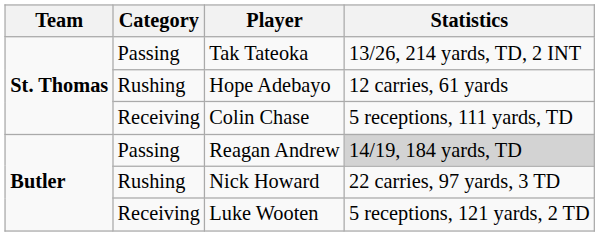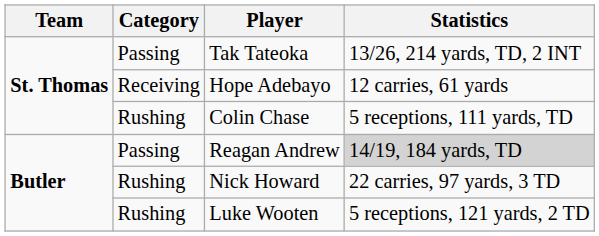 <table class="wikitable" style="float: right;">
 <tr>
 <th>Team</th>
 <th>Category</th>
 <th>Player</th>
 <th>Statistics</th>
 </tr>
 <tr>
 <td rowspan=3><strong>St. Thomas</strong></td>
 <td>Passing</td>
 <td>Tak Tateoka</td>
 <td>13/26, 214 yards, TD, 2 INT</td>
 </tr>
 <tr>
-<td>Rushing</td>
+<td>Receiving</td>
 <td>Hope Adebayo</td>
 <td>12 carries, 61 yards</td>
 </tr>
 <tr>
-<td>Receiving</td>
+<td>Rushing</td>
 <td>Colin Chase</td>
 <td>5 receptions, 111 yards, TD</td>
 </tr>
 <tr>
 <td rowspan=3><strong>Butler</strong></td>
 <td>Passing</td>
 <td>Reagan Andrew</td>
 <td style="background: lightgrey;">14/19, 184 yards, TD</td>
 </tr>
 <tr>
 <td>Rushing</td>
 <td>Nick Howard</td>
 <td>22 carries, 97 yards, 3 TD</td>
 </tr>
 <tr>
-<td>Receiving</td>
+<td>Rushing</td>
 <td>Luke Wooten</td>
 <td>5 receptions, 121 yards, 2 TD</td>
 </tr>
 </table>
